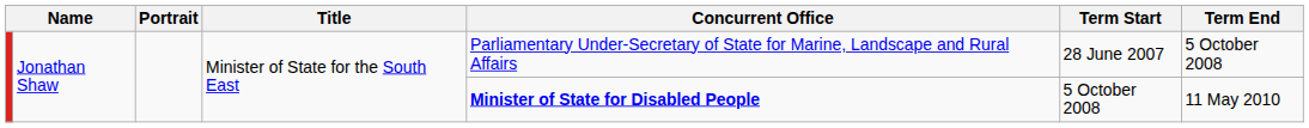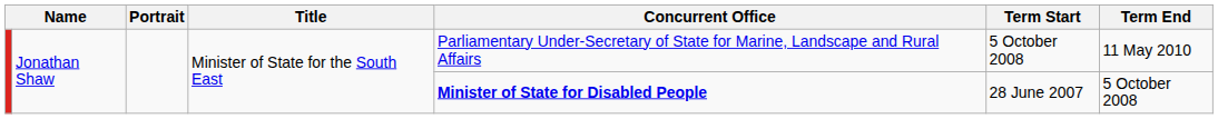 <table class="wikitable">
 <tr>
 <th colspan="2">Name</th>
 <th>Portrait</th>
 <th>Title</th>
 <th>Concurrent Office</th>
 <th>Term Start</th>
 <th>Term End</th>
 </tr>
 <tr>
 <th rowspan="2" style="background-color: #DC241f"></th>
 <td rowspan="2"><a href='#'>Jonathan Shaw</a></td>
 <td rowspan="2"></td>
 <td rowspan="2">Minister of State for the <a href='#'>South East</a></td>
 <td><a href='#'>Parliamentary Under-Secretary of State for Marine, Landscape and Rural Affairs</a></td>
+<td>5 October 2008</td>
+<td>11 May 2010</td>
+</tr>
+<tr>
+<td><strong><a href='#'>Minister of State for Disabled People</a></strong></td>
 <td>28 June 2007</td>
 <td>5 October 2008</td>
 </tr>
-<tr>
-<td><strong><a href='#'>Minister of State for Disabled People</a></strong></td>
-<td>5 October 2008</td>
-<td>11 May 2010</td>
-</tr>
 </table>
